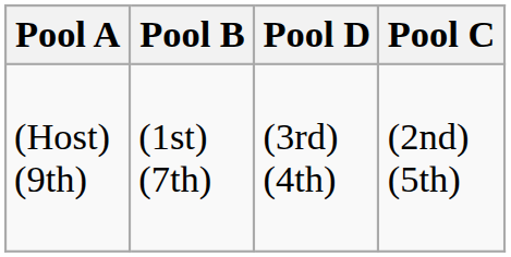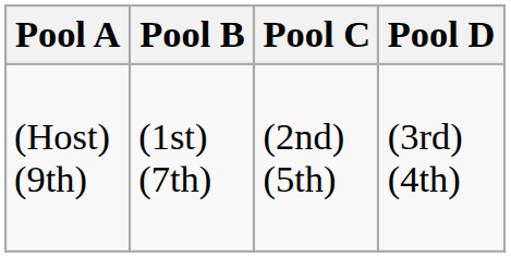 <table class="wikitable">
 <tr>
 <th width=25%>Pool A</th>
 <th width=25%>Pool B</th>
+<th width=25%>Pool C</th>
 <th width=25%>Pool D</th>
-<th width=25%>Pool C</th>
 </tr>
 <tr>
 <td valign=top><br> (Host)<br>  (9th)<br> </td>
 <td valign=top><br> (1st)<br>  (7th)<br> </td>
+<td valign=top><br> (2nd)<br>  (5th)<br> </td>
 <td><br> (3rd)<br>  (4th)<br> <br> </td>
-<td valign=top><br> (2nd)<br>  (5th)<br> </td>
 </tr>
 </table>
